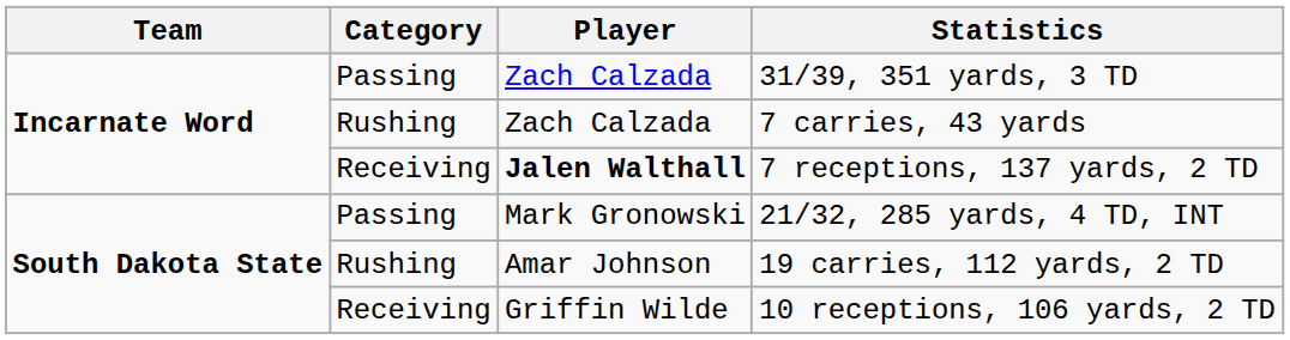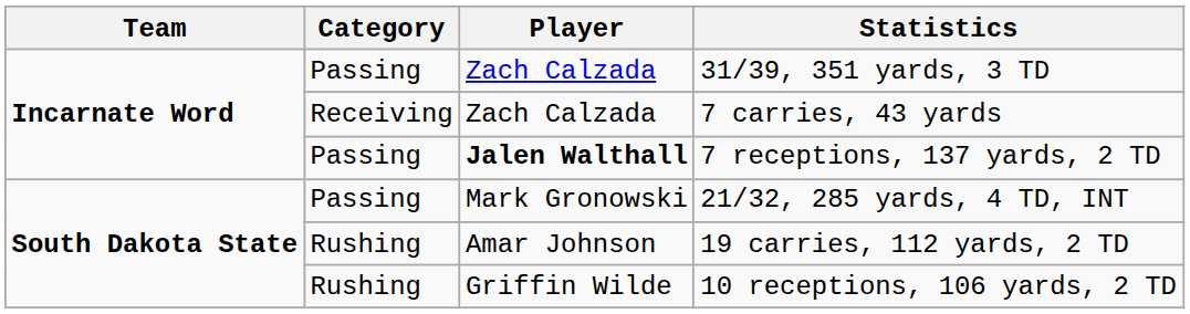 <table class="wikitable" style="float: left;">
 <tr>
 <th>Team</th>
 <th>Category</th>
 <th>Player</th>
 <th>Statistics</th>
 </tr>
 <tr>
 <td rowspan=3><strong>Incarnate Word</strong></td>
 <td>Passing</td>
 <td><a href='#'>Zach Calzada</a></td>
 <td>31/39, 351 yards, 3 TD</td>
 </tr>
 <tr>
-<td>Rushing</td>
+<td>Receiving</td>
 <td>Zach Calzada</td>
 <td>7 carries, 43 yards</td>
 </tr>
 <tr>
-<td>Receiving</td>
+<td>Passing</td>
 <td><strong>Jalen Walthall</strong></td>
 <td>7 receptions, 137 yards, 2 TD</td>
 </tr>
 <tr>
 <td rowspan=3><strong>South Dakota State</strong></td>
 <td>Passing</td>
 <td>Mark Gronowski</td>
 <td>21/32, 285 yards, 4 TD, INT</td>
 </tr>
 <tr>
 <td>Rushing</td>
 <td>Amar Johnson</td>
 <td>19 carries, 112 yards, 2 TD</td>
 </tr>
 <tr>
-<td>Receiving</td>
+<td>Rushing</td>
 <td>Griffin Wilde</td>
 <td>10 receptions, 106 yards, 2 TD</td>
 </tr>
 </table>
